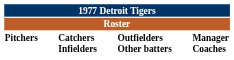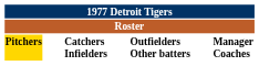 <table class="toccolours" style="font-size: 95%;">
 <tr>
 <th colspan="10" style="background-color: #003366; color: white; text-align: center;">1977 Detroit Tigers</th>
 </tr>
 <tr>
 <td colspan="10" style="background-color: #bd5d29; color: white; text-align: center;"><strong>Roster</strong></td>
 </tr>
 <tr>
-<td valign="top"><strong>Pitchers</strong><br>              </td>
+<td valign="top" style="background: gold;"><strong>Pitchers</strong><br>              </td>
 <td width="25px"></td>
 <td valign="top"><strong>Catchers</strong><br>    <strong>Infielders</strong>           </td>
 <td width="25px"></td>
 <td valign="top"><strong>Outfielders</strong><br>      <strong>Other batters</strong>  </td>
 <td width="25px"></td>
 <td valign="top"><strong>Manager</strong><br> <strong>Coaches</strong>    </td>
 </tr>
 <tr>
 </tr>
 </table>
